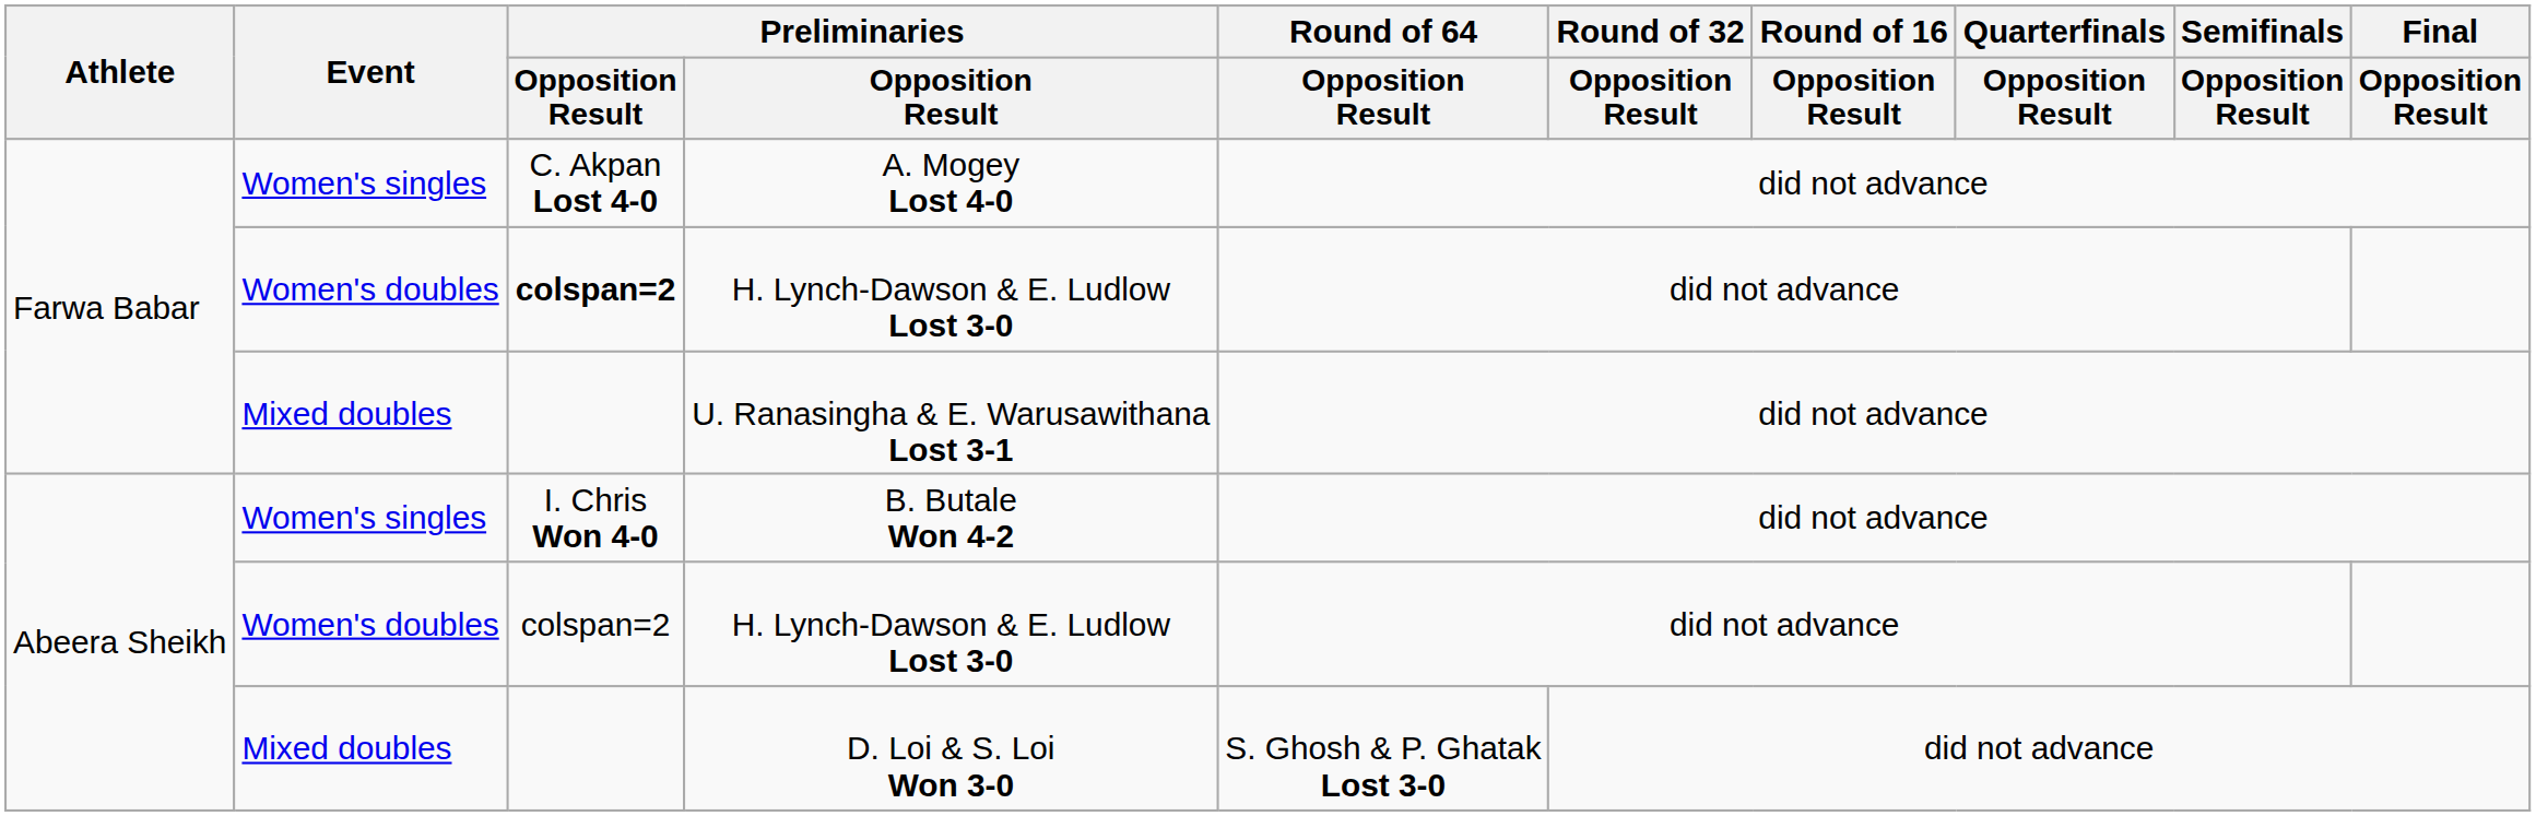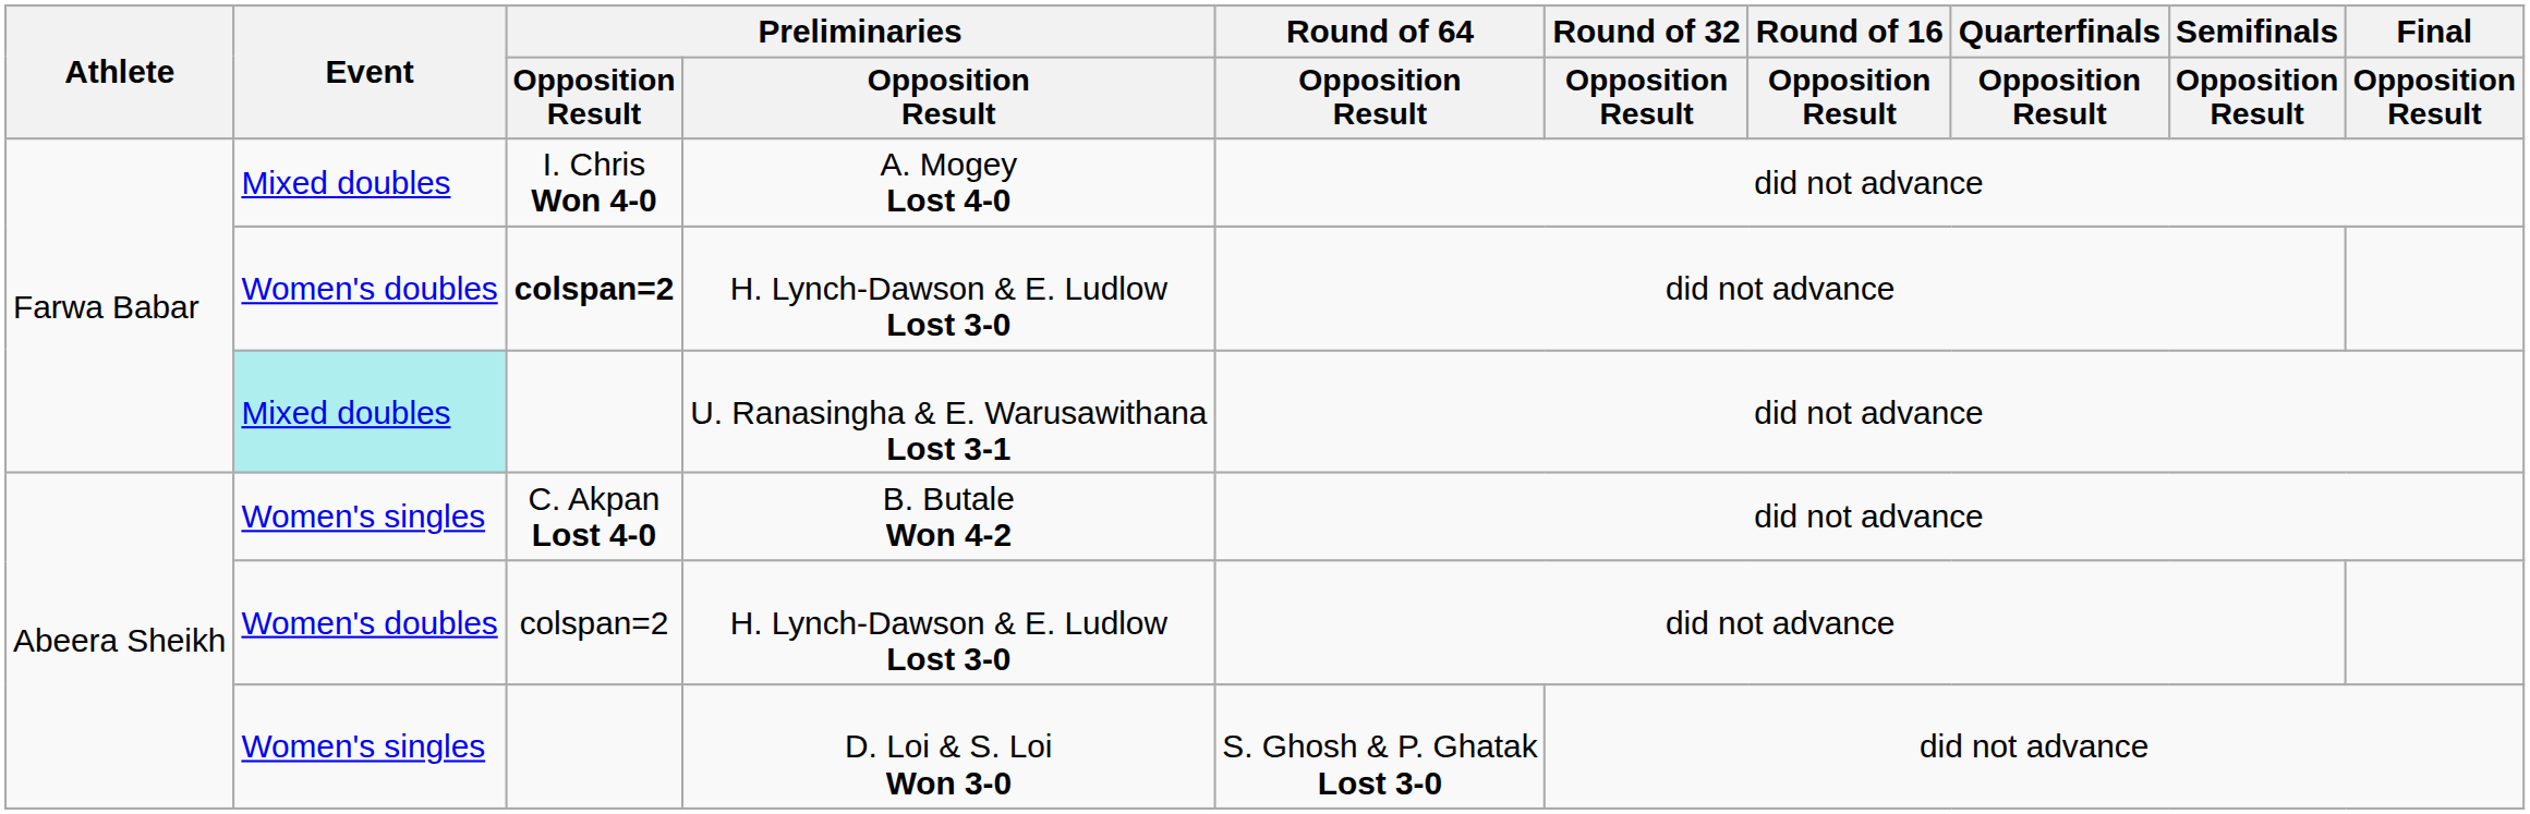 <table class="wikitable" style="font-size:90%">
 <tr>
 <th rowspan=2>Athlete</th>
 <th rowspan=2>Event</th>
 <th colspan=2>Preliminaries</th>
 <th>Round of 64</th>
 <th>Round of 32</th>
 <th>Round of 16</th>
 <th>Quarterfinals</th>
 <th>Semifinals</th>
 <th colspan=2>Final</th>
 </tr>
 <tr style="font-size:95%">
 <th>Opposition<br>Result</th>
 <th>Opposition<br>Result</th>
 <th>Opposition<br>Result</th>
 <th>Opposition<br>Result</th>
 <th>Opposition<br>Result</th>
 <th>Opposition<br>Result</th>
 <th>Opposition<br>Result</th>
 <th>Opposition<br>Result</th>
 </tr>
 <tr align=center>
 <td align=left rowspan=3>Farwa Babar</td>
-<td align=left><a href='#'>Women's singles</a></td>
-<td> C. Akpan<br><strong>Lost 4-0</strong></td>
+<td align=left><a href='#'>Mixed doubles</a></td>
+<td> I. Chris<br><strong>Won 4-0</strong></td>
 <td> A. Mogey<br><strong>Lost 4-0</strong></td>
 <td colspan=6>did not advance</td>
 </tr>
 <tr align=center>
 <td align=left><a href='#'>Women's doubles</a></td>
 <td><strong>colspan=2 </strong></td>
 <td><br>H. Lynch-Dawson & E. Ludlow<br><strong>Lost 3-0</strong></td>
 <td colspan=5>did not advance</td>
 </tr>
 <tr align=center>
-<td align=left><a href='#'>Mixed doubles</a></td>
+<td align=left style="background: paleturquoise;"><a href='#'>Mixed doubles</a></td>
 <td></td>
 <td><br>U. Ranasingha &  E. Warusawithana<br><strong>Lost 3-1</strong></td>
 <td colspan=6>did not advance</td>
 </tr>
 <tr align=center>
 <td align=left rowspan=3>Abeera Sheikh</td>
 <td align=left><a href='#'>Women's singles</a></td>
-<td> I. Chris<br><strong>Won 4-0</strong></td>
+<td> C. Akpan<br><strong>Lost 4-0</strong></td>
 <td> B. Butale<br><strong>Won 4-2</strong></td>
 <td colspan=6>did not advance</td>
 </tr>
 <tr align=center>
 <td align=left><a href='#'>Women's doubles</a></td>
 <td>colspan=2 </td>
 <td><br>H. Lynch-Dawson & E. Ludlow<br><strong>Lost 3-0</strong></td>
 <td colspan=5>did not advance</td>
 </tr>
 <tr align=center>
-<td align=left><a href='#'>Mixed doubles</a></td>
+<td align=left><a href='#'>Women's singles</a></td>
 <td></td>
 <td><br>D. Loi & S. Loi<br><strong>Won 3-0</strong></td>
 <td><br>S. Ghosh & P. Ghatak<br><strong>Lost 3-0</strong></td>
 <td colspan=5>did not advance</td>
 </tr>
 </table>
